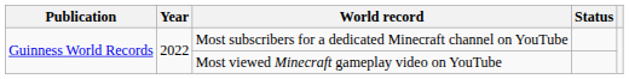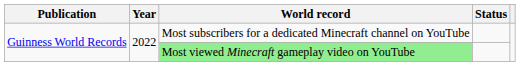 <table class="wikitable sortable plainrowheaders">
 <tr>
 <th>Publication</th>
 <th>Year</th>
 <th>World record</th>
 <th> Status</th>
 <th class="unsortable"></th>
 </tr>
 <tr>
 <td rowspan="2"><a href='#'>Guinness World Records</a></td>
 <td rowspan="2">2022</td>
 <td>Most subscribers for a dedicated Minecraft channel on YouTube</td>
 <td></td>
 <td rowspan="2" style="text-align:center;"></td>
 </tr>
 <tr>
-<td>Most viewed <em>Minecraft</em> gameplay video on YouTube</td>
+<td style="background: lightgreen;">Most viewed <em>Minecraft</em> gameplay video on YouTube</td>
 <td></td>
 </tr>
 </table>
